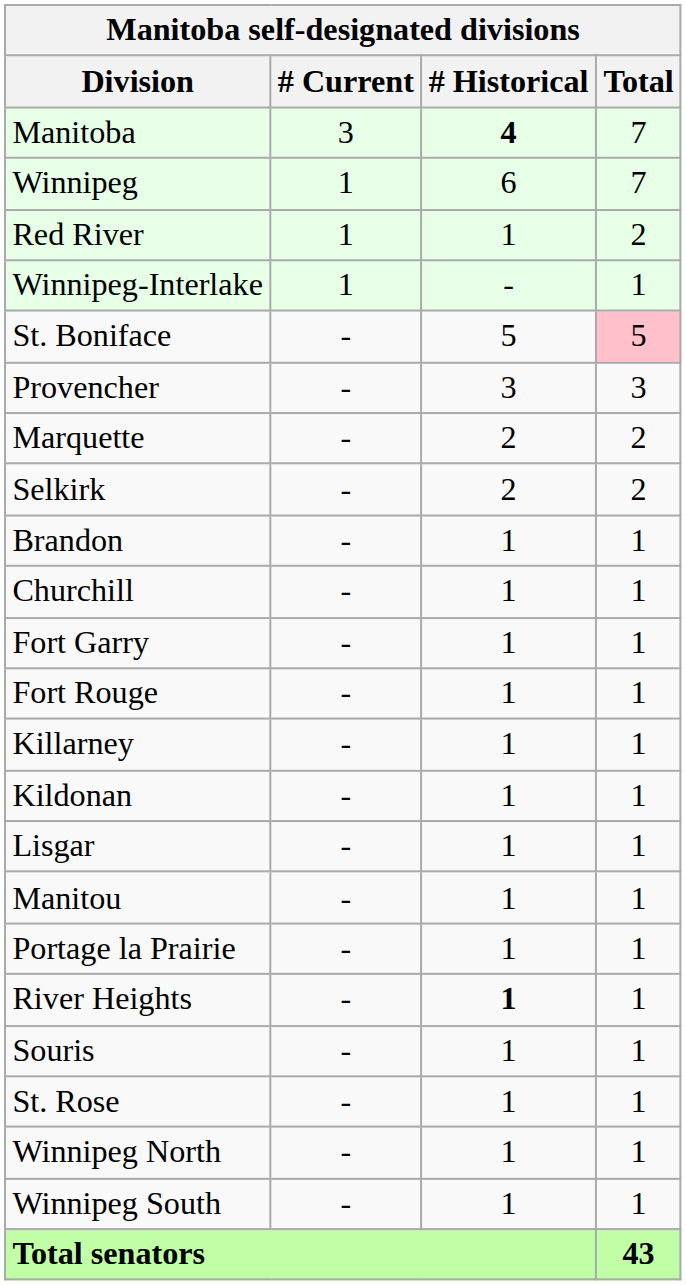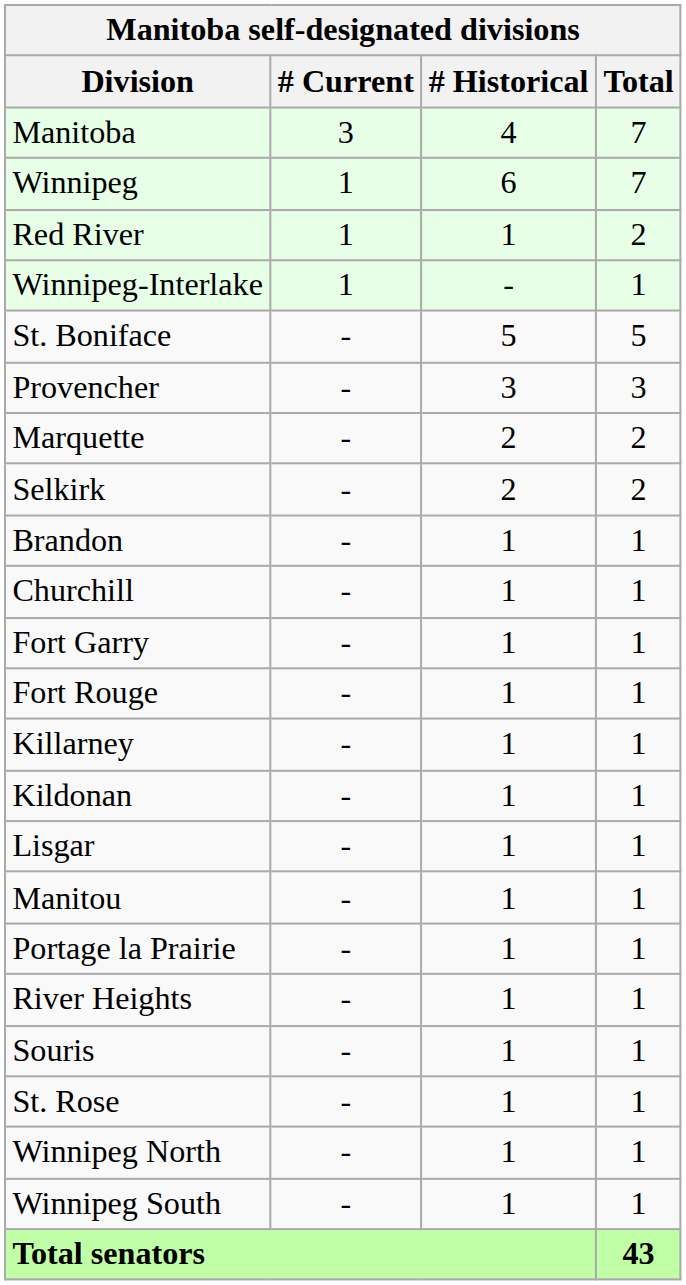 <table class="wikitable collapsible collapsed">
 <tr>
 <th colspan="4" align="center"><strong>Manitoba self-designated divisions</strong></th>
 </tr>
 <tr>
 <th align=left>Division</th>
 <th align=center># Current</th>
 <th align=center># Historical</th>
 <th align=center>Total</th>
 </tr>
 <tr bgcolor="#E6FFE6">
 <td align=left>Manitoba</td>
 <td align=center>3</td>
-<td align=center><strong>4</strong></td>
+<td align=center>4</td>
 <td align=center>7</td>
 </tr>
 <tr bgcolor="#E6FFE6">
 <td align=left>Winnipeg</td>
 <td align=center>1</td>
 <td align=center>6</td>
 <td align=center>7</td>
 </tr>
 <tr bgcolor="#E6FFE6">
 <td align=left>Red River</td>
 <td align=center>1</td>
 <td align=center>1</td>
 <td align=center>2</td>
 </tr>
 <tr bgcolor="#E6FFE6">
 <td align=left>Winnipeg-Interlake</td>
 <td align=center>1</td>
 <td align=center>-</td>
 <td align=center>1</td>
 </tr>
 <tr>
 <td align=left>St. Boniface</td>
 <td align=center>-</td>
 <td align=center>5</td>
-<td align=center style="background: pink;">5</td>
+<td align=center>5</td>
 </tr>
 <tr>
 <td align=left>Provencher</td>
 <td align=center>-</td>
 <td align=center>3</td>
 <td align=center>3</td>
 </tr>
 <tr>
 <td align=left>Marquette</td>
 <td align=center>-</td>
 <td align=center>2</td>
 <td align=center>2</td>
 </tr>
 <tr>
 <td align=left>Selkirk</td>
 <td align=center>-</td>
 <td align=center>2</td>
 <td align=center>2</td>
 </tr>
 <tr>
 <td align=left>Brandon</td>
 <td align=center>-</td>
 <td align=center>1</td>
 <td align=center>1</td>
 </tr>
 <tr>
 <td align=left>Churchill</td>
 <td align=center>-</td>
 <td align=center>1</td>
 <td align=center>1</td>
 </tr>
 <tr>
 <td align=left>Fort Garry</td>
 <td align=center>-</td>
 <td align=center>1</td>
 <td align=center>1</td>
 </tr>
 <tr>
 <td align=left>Fort Rouge</td>
 <td align=center>-</td>
 <td align=center>1</td>
 <td align=center>1</td>
 </tr>
 <tr>
 <td align=left>Killarney</td>
 <td align=center>-</td>
 <td align=center>1</td>
 <td align=center>1</td>
 </tr>
 <tr>
 <td align=left>Kildonan</td>
 <td align=center>-</td>
 <td align=center>1</td>
 <td align=center>1</td>
 </tr>
 <tr>
 <td align=left>Lisgar</td>
 <td align=center>-</td>
 <td align=center>1</td>
 <td align=center>1</td>
 </tr>
 <tr>
 <td align=left>Manitou</td>
 <td align=center>-</td>
 <td align=center>1</td>
 <td align=center>1</td>
 </tr>
 <tr>
 <td align=left>Portage la Prairie</td>
 <td align=center>-</td>
 <td align=center>1</td>
 <td align=center>1</td>
 </tr>
 <tr>
 <td align=left>River Heights</td>
 <td align=center>-</td>
-<td align=center><strong>1</strong></td>
+<td align=center>1</td>
 <td align=center>1</td>
 </tr>
 <tr>
 <td align=left>Souris</td>
 <td align=center>-</td>
 <td align=center>1</td>
 <td align=center>1</td>
 </tr>
 <tr>
 <td align=left>St. Rose</td>
 <td align=center>-</td>
 <td align=center>1</td>
 <td align=center>1</td>
 </tr>
 <tr>
 <td align=left>Winnipeg North</td>
 <td align=center>-</td>
 <td align=center>1</td>
 <td align=center>1</td>
 </tr>
 <tr>
 <td align=left>Winnipeg South</td>
 <td align=center>-</td>
 <td align=center>1</td>
 <td align=center>1</td>
 </tr>
 <tr bgcolor=#C0FFA6>
 <td align=left colspan=3><strong>Total senators</strong></td>
 <td align=center><strong>43</strong></td>
 </tr>
 </table>
